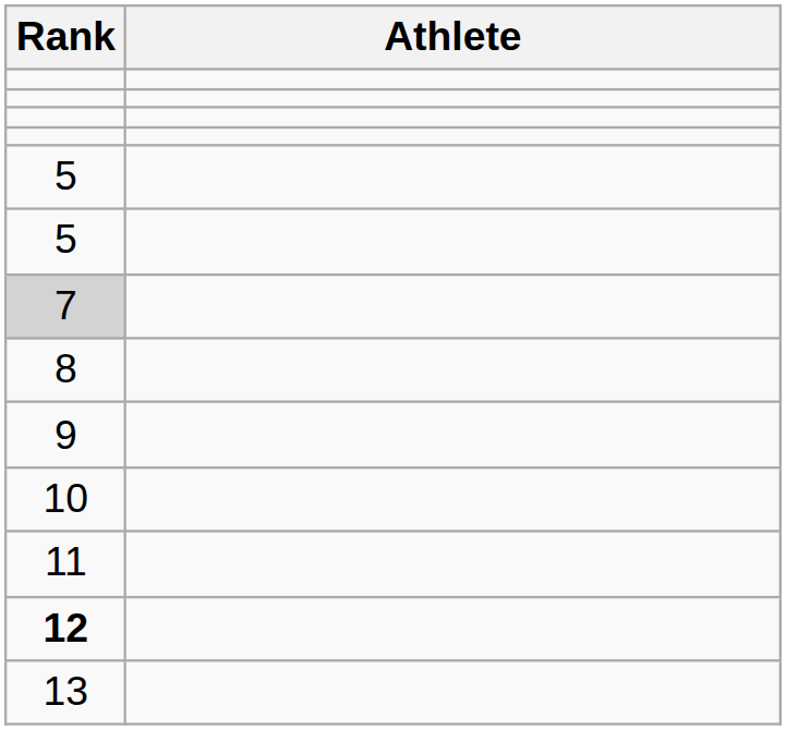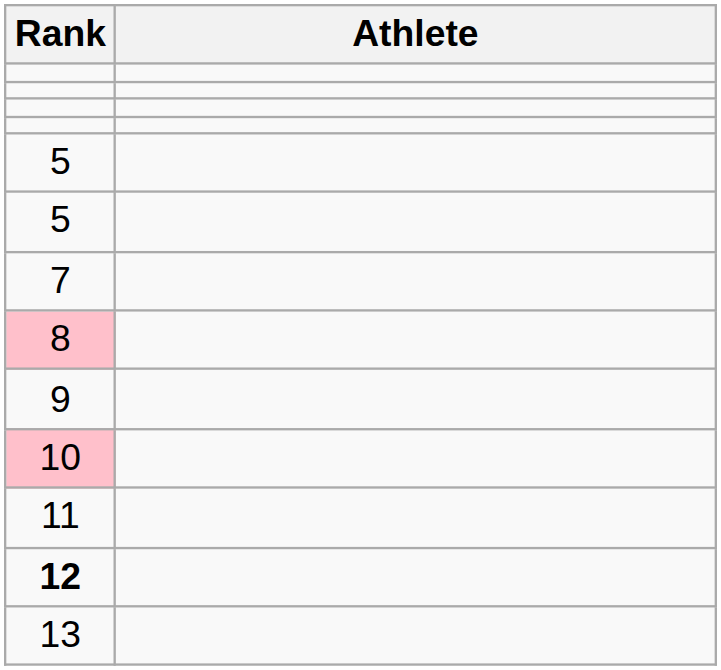 <table class="wikitable" style="text-align: center;">
 <tr>
 <th width=40>Rank</th>
 <th width=250>Athlete</th>
 </tr>
 <tr>
 <td></td>
 <td align="left"></td>
 </tr>
 <tr>
 <td></td>
 <td align="left"></td>
 </tr>
 <tr>
 <td></td>
 <td align="left"></td>
 </tr>
 <tr>
 <td></td>
 <td align="left"></td>
 </tr>
 <tr>
 <td>5</td>
 <td align="left"></td>
 </tr>
 <tr>
 <td>5</td>
 <td align="left"></td>
 </tr>
 <tr>
-<td style="background: lightgrey;">7</td>
+<td>7</td>
 <td align="left"></td>
 </tr>
 <tr>
-<td>8</td>
+<td style="background: pink;">8</td>
 <td align="left"></td>
 </tr>
 <tr>
 <td>9</td>
 <td align="left"></td>
 </tr>
 <tr>
-<td>10</td>
+<td style="background: pink;">10</td>
 <td align="left"></td>
 </tr>
 <tr>
 <td>11</td>
 <td align="left"></td>
 </tr>
 <tr>
 <td><strong>12</strong></td>
 <td align="left"></td>
 </tr>
 <tr>
 <td>13</td>
 <td align="left"></td>
 </tr>
 </table>
